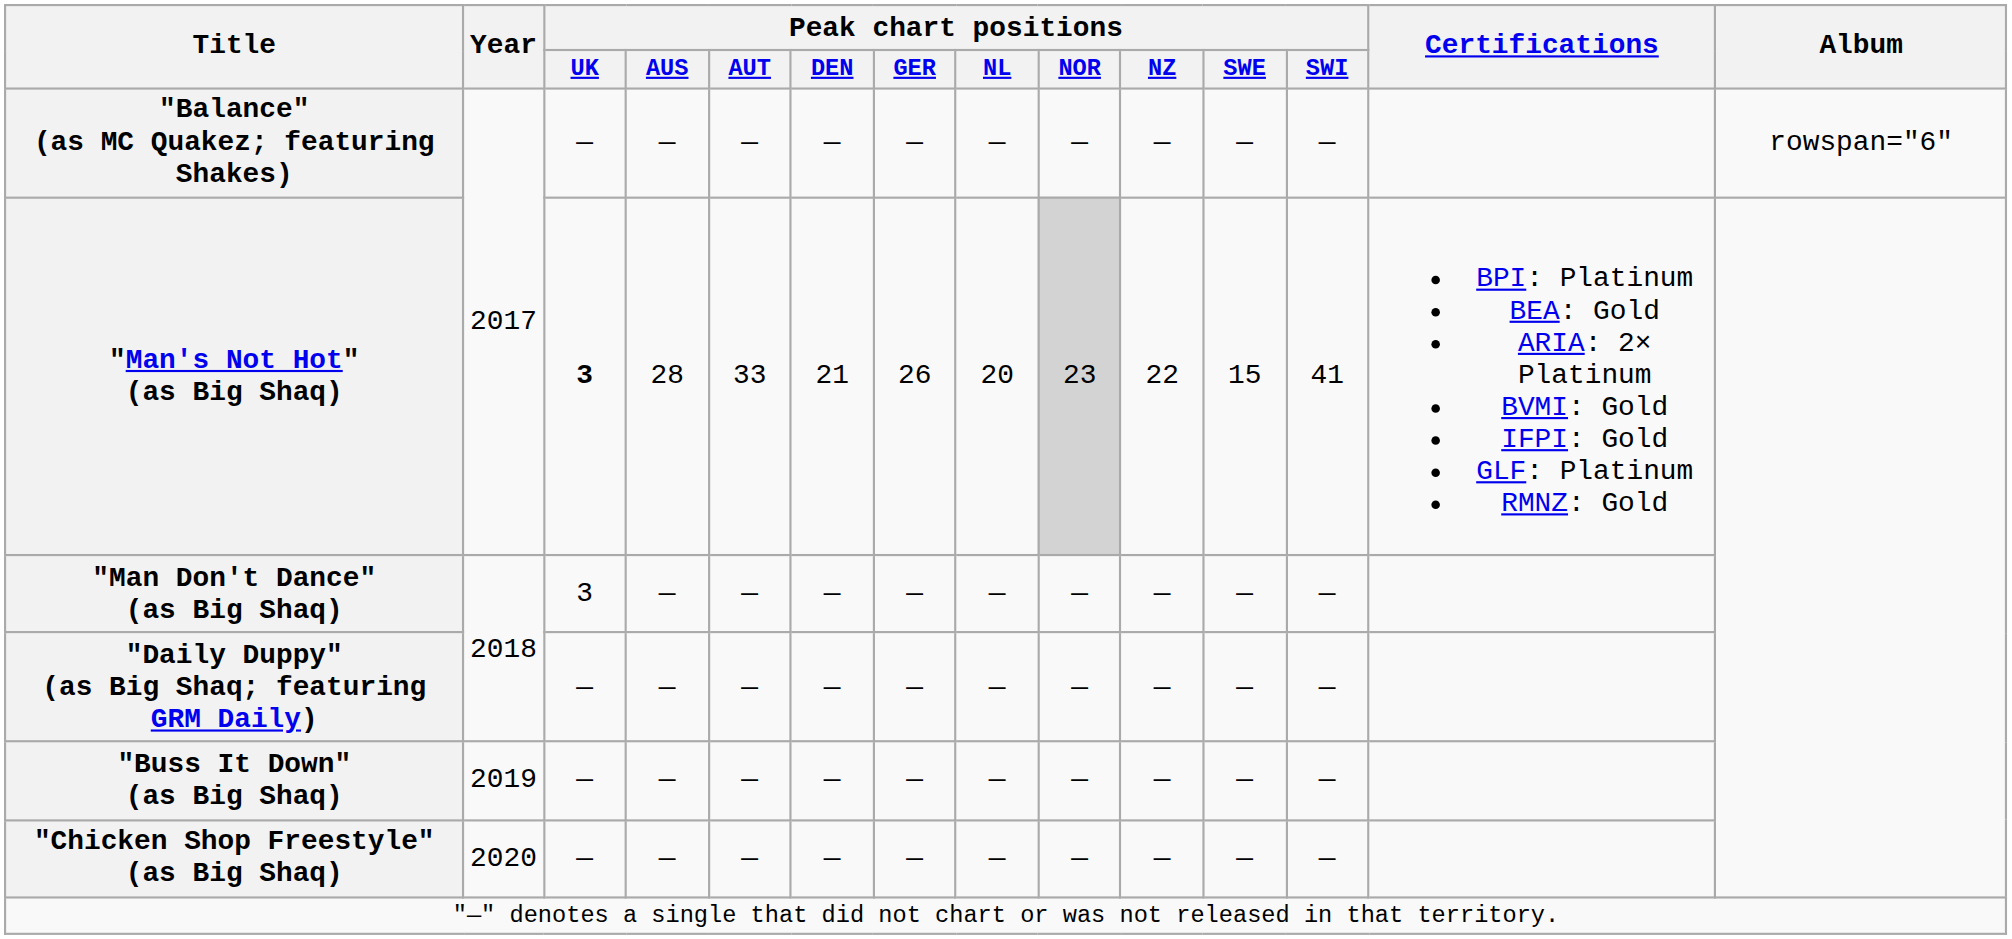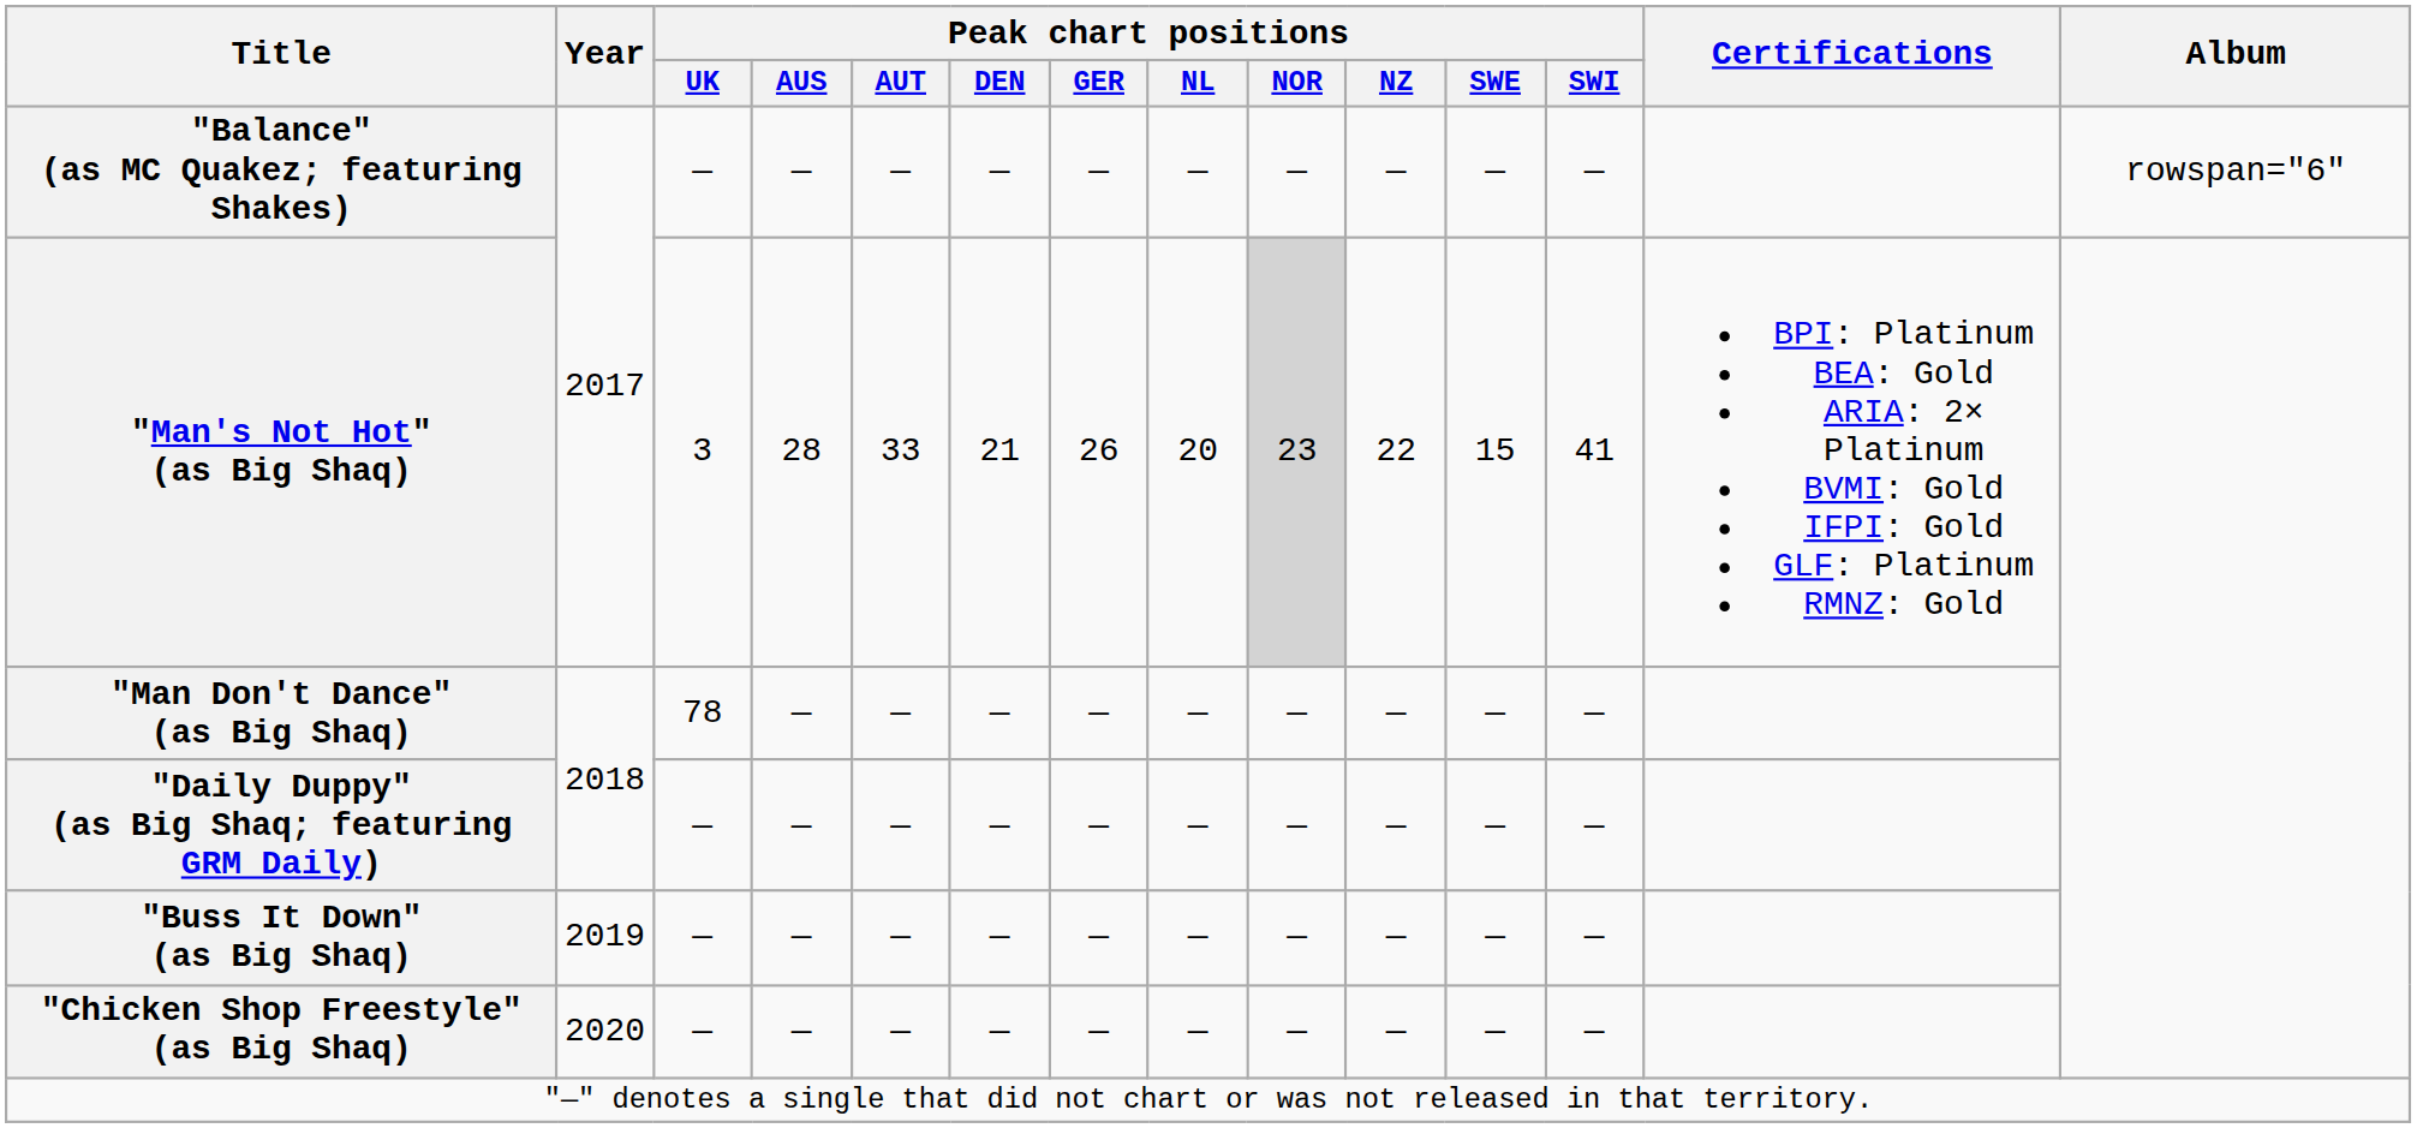 <table class="wikitable plainrowheaders" style="text-align:center;">
 <tr>
 <th scope="col" rowspan="2" style="width:16em;">Title</th>
 <th scope="col" rowspan="2" style="width:1em;">Year</th>
 <th scope="col" colspan="10">Peak chart positions</th>
 <th scope="col" rowspan="2" style="width:12em;"><a href='#'>Certifications</a></th>
 <th scope="col" rowspan="2" style="width:10em;">Album</th>
 </tr>
 <tr>
 <th scope="col" style="width:3em;font-size:85%;"><a href='#'>UK</a><br></th>
 <th scope="col" style="width:3em;font-size:85%;"><a href='#'>AUS</a><br></th>
 <th scope="col" style="width:3em;font-size:85%;"><a href='#'>AUT</a><br></th>
 <th scope="col" style="width:3em;font-size:85%;"><a href='#'>DEN</a><br></th>
 <th scope="col" style="width:3em;font-size:85%;"><a href='#'>GER</a><br></th>
 <th scope="col" style="width:3em;font-size:85%;"><a href='#'>NL</a><br></th>
 <th scope="col" style="width:3em;font-size:85%;"><a href='#'>NOR</a><br></th>
 <th scope="col" style="width:3em;font-size:85%;"><a href='#'>NZ</a><br></th>
 <th scope="col" style="width:3em;font-size:85%;"><a href='#'>SWE</a><br></th>
 <th scope="col" style="width:3em;font-size:85%;"><a href='#'>SWI</a><br></th>
 </tr>
 <tr>
 <th scope="row">"Balance"<br><span>(as MC Quakez; featuring Shakes)</span></th>
 <td rowspan="2">2017</td>
 <td>—</td>
 <td>—</td>
 <td>—</td>
 <td>—</td>
 <td>—</td>
 <td>—</td>
 <td>—</td>
 <td>—</td>
 <td>—</td>
 <td>—</td>
 <td></td>
 <td>rowspan="6" </td>
 </tr>
 <tr>
 <th scope="row">"<a href='#'>Man's Not Hot</a>"<br><span>(as Big Shaq)</span></th>
-<td><strong>3</strong></td>
+<td>3</td>
 <td>28</td>
 <td>33</td>
 <td>21</td>
 <td>26</td>
 <td>20</td>
 <td style="background: lightgrey;">23</td>
 <td>22</td>
 <td>15</td>
 <td>41</td>
 <td><br><ul><li><a href='#'>BPI</a>: Platinum</li><li><a href='#'>BEA</a>: Gold</li><li><a href='#'>ARIA</a>: 2× Platinum</li><li><a href='#'>BVMI</a>: Gold</li><li><a href='#'>IFPI</a>: Gold</li><li><a href='#'>GLF</a>: Platinum</li><li><a href='#'>RMNZ</a>: Gold</li></ul></td>
 </tr>
 <tr>
 <th scope="row">"Man Don't Dance"<br><span>(as Big Shaq)</span></th>
 <td rowspan="2">2018</td>
-<td>3</td>
+<td>78</td>
 <td>—</td>
 <td>—</td>
 <td>—</td>
 <td>—</td>
 <td>—</td>
 <td>—</td>
 <td>—</td>
 <td>—</td>
 <td>—</td>
 <td></td>
 </tr>
 <tr>
 <th scope="row">"Daily Duppy"<br><span>(as Big Shaq; featuring <a href='#'>GRM Daily</a>)</span></th>
 <td>—</td>
 <td>—</td>
 <td>—</td>
 <td>—</td>
 <td>—</td>
 <td>—</td>
 <td>—</td>
 <td>—</td>
 <td>—</td>
 <td>—</td>
 <td></td>
 </tr>
 <tr>
 <th scope="row">"Buss It Down"<br><span>(as Big Shaq)</span></th>
 <td>2019</td>
 <td>—</td>
 <td>—</td>
 <td>—</td>
 <td>—</td>
 <td>—</td>
 <td>—</td>
 <td>—</td>
 <td>—</td>
 <td>—</td>
 <td>—</td>
 <td></td>
 </tr>
 <tr>
 <th scope="row">"Chicken Shop Freestyle" <span>(as Big Shaq)</span></th>
 <td>2020</td>
 <td>—</td>
 <td>—</td>
 <td>—</td>
 <td>—</td>
 <td>—</td>
 <td>—</td>
 <td>—</td>
 <td>—</td>
 <td>—</td>
 <td>—</td>
 <td></td>
 </tr>
 <tr>
 <td colspan="22" style="text-align:center; font-size:85%;">"—" denotes a single that did not chart or was not released in that territory.</td>
 </tr>
 </table>
